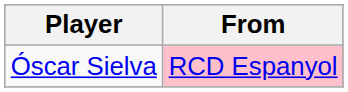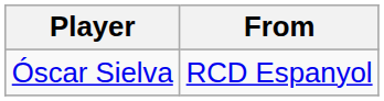 <table class="wikitable">
 <tr>
 <th>Player</th>
 <th>From</th>
 </tr>
 <tr>
 <td> <a href='#'>Óscar Sielva</a></td>
-<td style="background: pink;"> <a href='#'>RCD Espanyol</a></td>
+<td> <a href='#'>RCD Espanyol</a></td>
 </tr>
 </table>
